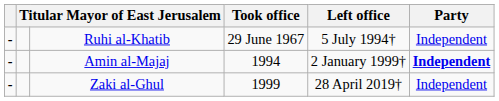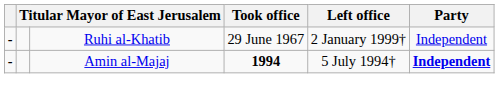 <table class="wikitable" style="text-align: center;">
 <tr>
 <th><br></th>
 <th colspan="2">Titular Mayor of East Jerusalem</th>
 <th>Took office</th>
 <th>Left office</th>
 <th>Party</th>
 </tr>
 <tr>
 <td rowspan="1" style="background: "><strong>-</strong></td>
 <td rowspan="1"></td>
 <td rowspan="1"><a href='#'>Ruhi al-Khatib</a></td>
 <td rowspan="1">29 June 1967</td>
-<td rowspan="1">5 July 1994†</td>
+<td rowspan="1">2 January 1999†</td>
 <td rowspan="1"><a href='#'>Independent</a></td>
 </tr>
 <tr>
 <td rowspan="1" style="background: "><strong>-</strong></td>
 <td rowspan="1"></td>
 <td rowspan="1"><a href='#'>Amin al-Majaj</a></td>
-<td rowspan="1">1994</td>
-<td rowspan="1">2 January 1999†</td>
+<td rowspan="1"><strong>1994</strong></td>
+<td rowspan="1">5 July 1994†</td>
 <td rowspan="1"><strong><a href='#'>Independent</a></strong></td>
 </tr>
-<tr>
-<td rowspan="1" style="background: "><strong>-</strong></td>
-<td rowspan="1"></td>
-<td rowspan="1"><a href='#'>Zaki al-Ghul</a></td>
-<td rowspan="1">1999</td>
-<td rowspan="1">28 April 2019†</td>
-<td rowspan="1"><a href='#'>Independent</a></td>
-</tr>
 </table>
